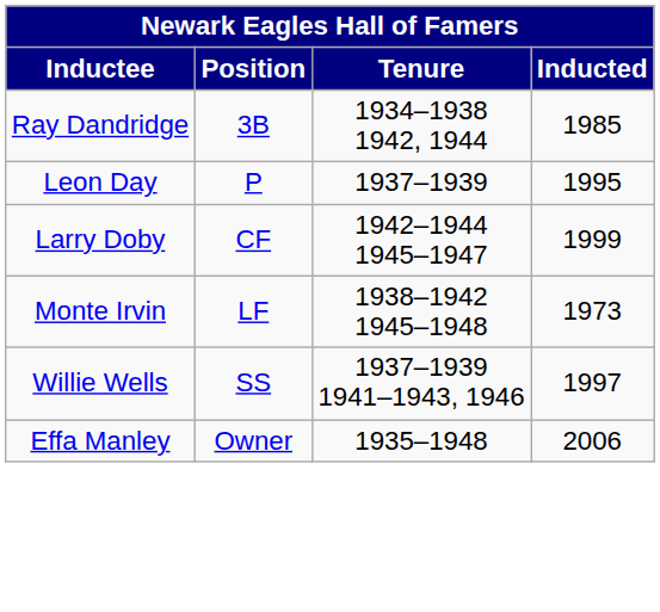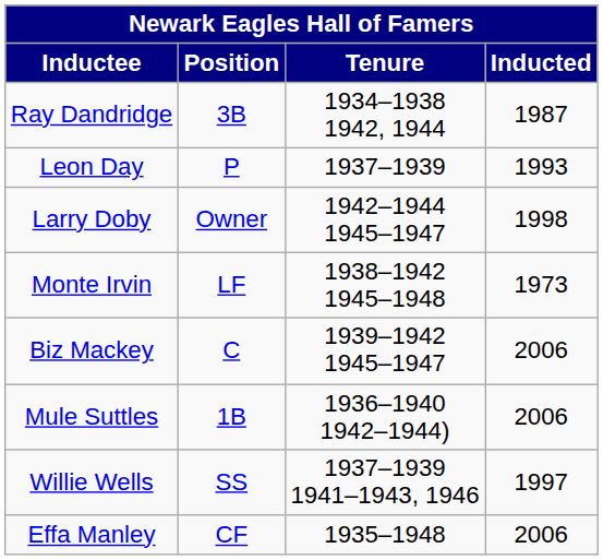 <table class="wikitable" style="text-align:center">
 <tr>
 <th colspan=4 style="background:navy; color:white;">Newark Eagles Hall of Famers</th>
 </tr>
 <tr>
 <th style="background:navy; color:white;">Inductee</th>
 <th style="background:navy; color:white;">Position</th>
 <th style="background:navy; color:white;">Tenure</th>
 <th style="background:navy; color:white;">Inducted</th>
 </tr>
 <tr>
 <td><a href='#'>Ray Dandridge</a></td>
 <td><a href='#'>3B</a></td>
 <td>1934–1938<br>1942, 1944</td>
-<td>1985</td>
+<td>1987</td>
 </tr>
 <tr>
 <td><a href='#'>Leon Day</a></td>
 <td><a href='#'>P</a></td>
 <td>1937–1939</td>
-<td>1995</td>
+<td>1993</td>
 </tr>
 <tr>
 <td><a href='#'>Larry Doby</a></td>
-<td><a href='#'>CF</a></td>
+<td><a href='#'>Owner</a></td>
 <td>1942–1944<br>1945–1947</td>
-<td>1999</td>
+<td>1998</td>
 </tr>
 <tr>
 <td><a href='#'>Monte Irvin</a></td>
 <td><a href='#'>LF</a></td>
 <td>1938–1942<br>1945–1948</td>
 <td>1973</td>
+</tr>
+<tr>
+<td><a href='#'>Biz Mackey</a></td>
+<td><a href='#'>C</a></td>
+<td>1939–1942<br>1945–1947</td>
+<td>2006</td>
+</tr>
+<tr>
+<td><a href='#'>Mule Suttles</a></td>
+<td><a href='#'>1B</a></td>
+<td>1936–1940<br>1942–1944)</td>
+<td>2006</td>
 </tr>
 <tr>
 <td><a href='#'>Willie Wells</a></td>
 <td><a href='#'>SS</a></td>
 <td>1937–1939<br>1941–1943, 1946</td>
 <td>1997</td>
 </tr>
 <tr>
 <td><a href='#'>Effa Manley</a></td>
-<td><a href='#'>Owner</a></td>
+<td><a href='#'>CF</a></td>
 <td>1935–1948</td>
 <td>2006</td>
 </tr>
 </table>
